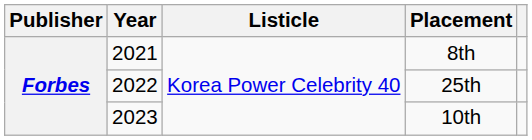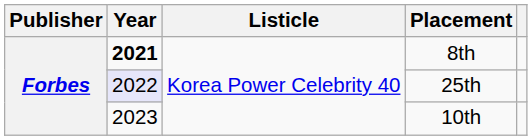 <table class="wikitable plainrowheaders sortable" style="margin-right: 0;">
 <tr>
 <th scope="col">Publisher</th>
 <th scope="col">Year</th>
 <th scope="col">Listicle</th>
 <th scope="col">Placement</th>
 <th scope="col" class="unsortable"></th>
 </tr>
 <tr>
 <th rowspan="3" scope="row"><em><a href='#'>Forbes</a></em></th>
-<td>2021</td>
+<td><strong>2021</strong></td>
 <td rowspan="3"><a href='#'>Korea Power Celebrity 40</a></td>
 <td style="text-align:center;">8th</td>
 <td style="text-align:center;"></td>
 </tr>
 <tr>
-<td>2022</td>
+<td style="background: lavender;">2022</td>
 <td style="text-align:center;">25th</td>
 <td></td>
 </tr>
 <tr>
 <td>2023</td>
 <td style="text-align:center;">10th</td>
 <td></td>
 </tr>
 </table>
